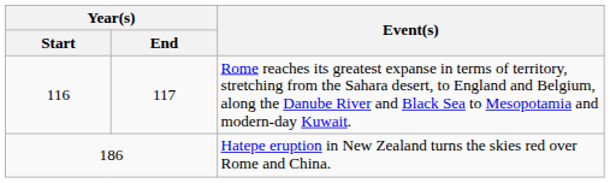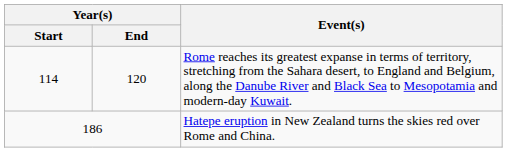 <table class="wikitable">
 <tr>
 <th colspan="2">Year(s)</th>
 <th rowspan="2">Event(s)</th>
 </tr>
 <tr>
 <th style="width:100px;">Start</th>
 <th style="width:100px;">End</th>
 </tr>
 <tr>
-<td style="text-align:center;">116</td>
-<td style="text-align:center;">117</td>
+<td style="text-align:center;">114</td>
+<td style="text-align:center;">120</td>
 <td><a href='#'>Rome</a> reaches its greatest expanse in terms of territory, stretching from the Sahara desert, to England and Belgium, along the <a href='#'>Danube River</a> and <a href='#'>Black Sea</a> to <a href='#'>Mesopotamia</a> and modern-day <a href='#'>Kuwait</a>.</td>
 </tr>
 <tr>
 <td colspan="2" style="text-align:center;">186</td>
 <td><a href='#'>Hatepe eruption</a> in New Zealand turns the skies red over Rome and China.</td>
 </tr>
 </table>
